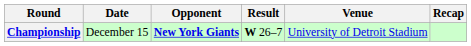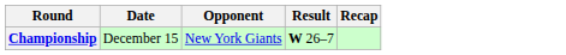 <table class="wikitable" style="text-align:center">
 <tr>
 <th>Round</th>
 <th>Date</th>
 <th>Opponent</th>
 <th>Result</th>
-<th>Venue</th>
 <th>Recap</th>
 </tr>
 <tr style="background:#cfc">
 <th><a href='#'>Championship</a></th>
 <td>December 15</td>
-<td><strong><a href='#'>New York Giants</a></strong></td>
+<td><a href='#'>New York Giants</a></td>
 <td><strong>W</strong> 26–7</td>
-<td><a href='#'>University of Detroit Stadium</a></td>
 <td></td>
 </tr>
 </table>
